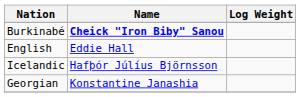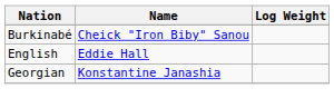 <table class="wikitable" style="display: inline-table">
 <tr>
 <th>Nation</th>
 <th>Name</th>
 <th>Log Weight</th>
 </tr>
 <tr>
 </tr>
 <tr>
 <td> Burkinabé</td>
-<td><strong><a href='#'>Cheick "Iron Biby" Sanou</a></strong></td>
+<td><a href='#'>Cheick "Iron Biby" Sanou</a></td>
 <td></td>
 </tr>
 <tr>
 <td> English</td>
 <td><a href='#'>Eddie Hall</a></td>
-<td></td>
-</tr>
-<tr>
-<td> Icelandic</td>
-<td><a href='#'>Hafþór Júlíus Björnsson</a></td>
 <td></td>
 </tr>
 <tr>
 <td> Georgian</td>
 <td><a href='#'>Konstantine Janashia</a></td>
 <td></td>
 </tr>
 <tr>
 </tr>
 </table>
